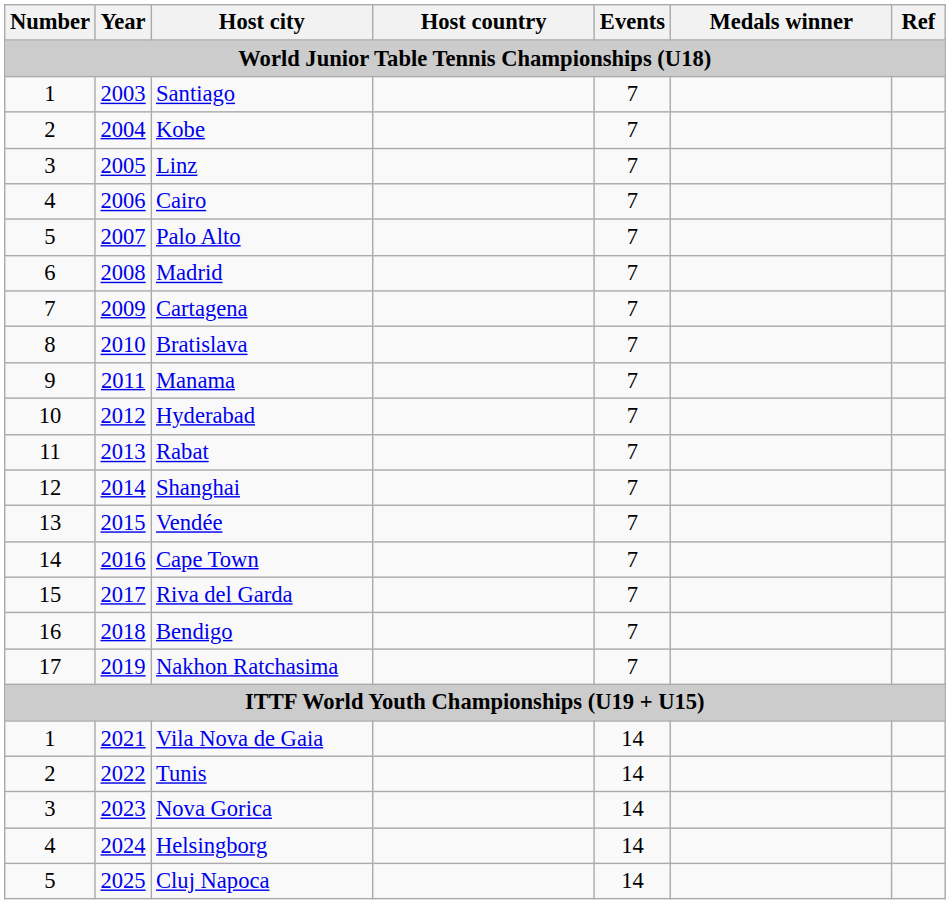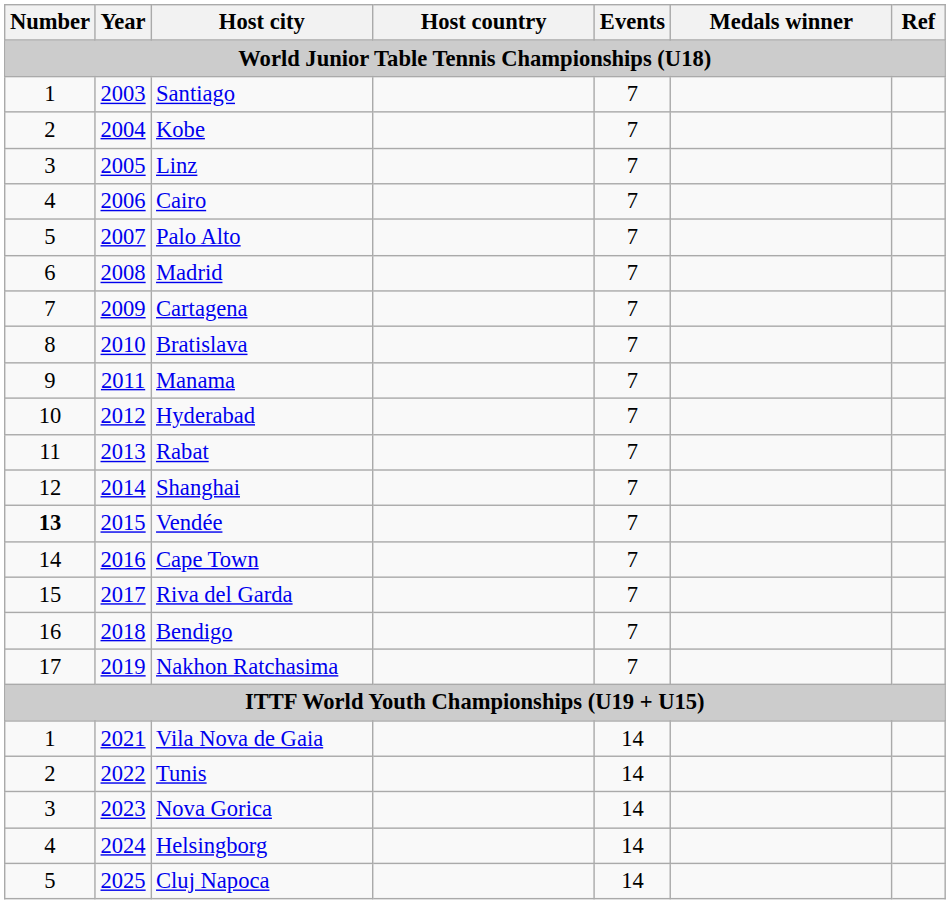 <table class=wikitable>
 <tr>
 <th width=30>Number</th>
 <th width=30>Year</th>
 <th width=150>Host city</th>
 <th width=150>Host country</th>
 <th width=30>Events</th>
 <th width=150>Medals winner</th>
 <th width=30>Ref</th>
 </tr>
 <tr>
 <td colspan="7" bgcolor="#cccccc"align=center><strong>World Junior Table Tennis Championships</strong> <strong>(U18)</strong></td>
 </tr>
 <tr>
 <td align=center>1</td>
 <td align=center><a href='#'>2003</a></td>
 <td><a href='#'>Santiago</a></td>
 <td></td>
 <td align=center>7</td>
 <td></td>
 <td></td>
 </tr>
 <tr>
 <td align=center>2</td>
 <td align=center><a href='#'>2004</a></td>
 <td><a href='#'>Kobe</a></td>
 <td></td>
 <td align=center>7</td>
 <td></td>
 <td></td>
 </tr>
 <tr>
 <td align=center>3</td>
 <td align=center><a href='#'>2005</a></td>
 <td><a href='#'>Linz</a></td>
 <td></td>
 <td align=center>7</td>
 <td></td>
 <td></td>
 </tr>
 <tr>
 <td align=center>4</td>
 <td align=center><a href='#'>2006</a></td>
 <td><a href='#'>Cairo</a></td>
 <td></td>
 <td align=center>7</td>
 <td></td>
 <td></td>
 </tr>
 <tr>
 <td align=center>5</td>
 <td align=center><a href='#'>2007</a></td>
 <td><a href='#'>Palo Alto</a></td>
 <td></td>
 <td align=center>7</td>
 <td></td>
 <td></td>
 </tr>
 <tr>
 <td align=center>6</td>
 <td align=center><a href='#'>2008</a></td>
 <td><a href='#'>Madrid</a></td>
 <td></td>
 <td align=center>7</td>
 <td></td>
 <td></td>
 </tr>
 <tr>
 <td align=center>7</td>
 <td align=center><a href='#'>2009</a></td>
 <td><a href='#'>Cartagena</a></td>
 <td></td>
 <td align=center>7</td>
 <td></td>
 <td></td>
 </tr>
 <tr>
 <td align=center>8</td>
 <td align=center><a href='#'>2010</a></td>
 <td><a href='#'>Bratislava</a></td>
 <td></td>
 <td align=center>7</td>
 <td></td>
 <td></td>
 </tr>
 <tr>
 <td align=center>9</td>
 <td align=center><a href='#'>2011</a></td>
 <td><a href='#'>Manama</a></td>
 <td></td>
 <td align=center>7</td>
 <td></td>
 <td></td>
 </tr>
 <tr>
 <td align=center>10</td>
 <td align=center><a href='#'>2012</a></td>
 <td><a href='#'>Hyderabad</a></td>
 <td></td>
 <td align=center>7</td>
 <td></td>
 <td></td>
 </tr>
 <tr>
 <td align=center>11</td>
 <td align=center><a href='#'>2013</a></td>
 <td><a href='#'>Rabat</a></td>
 <td></td>
 <td align=center>7</td>
 <td></td>
 <td></td>
 </tr>
 <tr>
 <td align=center>12</td>
 <td align=center><a href='#'>2014</a></td>
 <td><a href='#'>Shanghai</a></td>
 <td></td>
 <td align=center>7</td>
 <td></td>
 <td></td>
 </tr>
 <tr>
-<td align=center>13</td>
+<td align=center><strong>13</strong></td>
 <td align=center><a href='#'>2015</a></td>
 <td><a href='#'>Vendée</a></td>
 <td></td>
 <td align=center>7</td>
 <td></td>
 <td></td>
 </tr>
 <tr>
 <td align=center>14</td>
 <td align=center><a href='#'>2016</a></td>
 <td><a href='#'>Cape Town</a></td>
 <td></td>
 <td align=center>7</td>
 <td></td>
 <td></td>
 </tr>
 <tr>
 <td align=center>15</td>
 <td align=center><a href='#'>2017</a></td>
 <td><a href='#'>Riva del Garda</a></td>
 <td></td>
 <td align=center>7</td>
 <td></td>
 <td align=center></td>
 </tr>
 <tr>
 <td align=center>16</td>
 <td align=center><a href='#'>2018</a></td>
 <td><a href='#'>Bendigo</a></td>
 <td></td>
 <td align=center>7</td>
 <td></td>
 <td align=center></td>
 </tr>
 <tr>
 <td align=center>17</td>
 <td align=center><a href='#'>2019</a></td>
 <td><a href='#'>Nakhon Ratchasima</a></td>
 <td></td>
 <td align=center>7</td>
 <td></td>
 <td align=center></td>
 </tr>
 <tr>
 <td colspan="7" bgcolor="#cccccc"align=center><strong>ITTF World Youth Championships</strong> <strong>(U19 + U15)</strong></td>
 </tr>
 <tr>
 <td align=center>1</td>
 <td align=center><a href='#'>2021</a></td>
 <td><a href='#'>Vila Nova de Gaia</a></td>
 <td></td>
 <td align=center>14</td>
 <td></td>
 <td align=center></td>
 </tr>
 <tr>
 <td align=center>2</td>
 <td align=center><a href='#'>2022</a></td>
 <td><a href='#'>Tunis</a></td>
 <td></td>
 <td align=center>14</td>
 <td></td>
 <td align=center></td>
 </tr>
 <tr>
 <td align=center>3</td>
 <td align=center><a href='#'> 2023</a></td>
 <td><a href='#'>Nova Gorica</a></td>
 <td></td>
 <td align=center>14</td>
 <td></td>
 <td align=center></td>
 </tr>
 <tr>
 <td align=center>4</td>
 <td align=center><a href='#'> 2024</a></td>
 <td><a href='#'>Helsingborg</a></td>
 <td></td>
 <td align=center>14</td>
 <td></td>
 <td align=center></td>
 </tr>
 <tr>
 <td align=center>5</td>
 <td align=center><a href='#'> 2025</a></td>
 <td><a href='#'>Cluj Napoca</a></td>
 <td></td>
 <td align=center>14</td>
 <td></td>
 <td align=center></td>
 </tr>
 </table>
